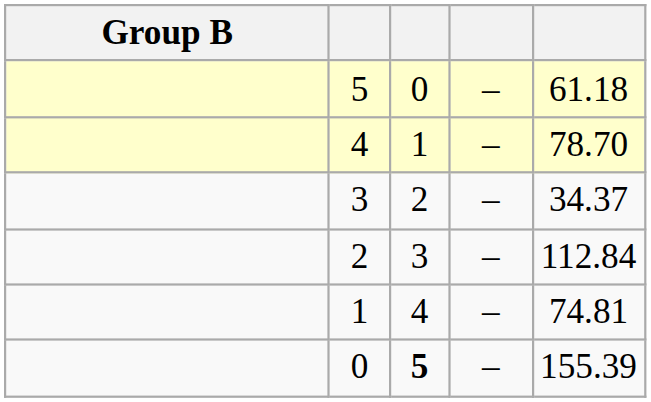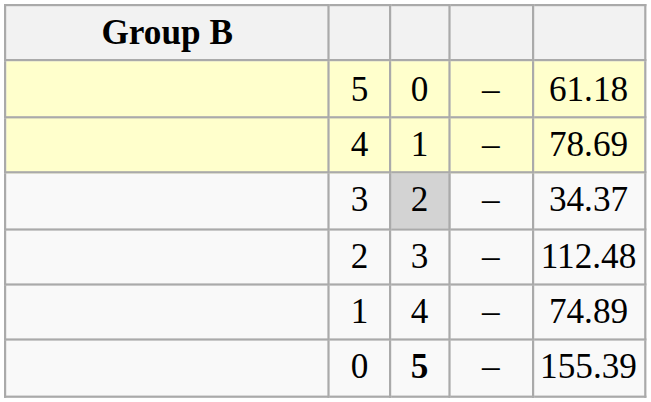 <table class="wikitable" style="text-align: center;">
 <tr>
 <th width=140>Group B</th>
 <th width=20></th>
 <th width=20></th>
 <th width=30></th>
 <th width=20></th>
 </tr>
 <tr bgcolor=#ffffcc>
 <td style="text-align:left;"></td>
 <td>5</td>
 <td>0</td>
 <td>–</td>
 <td>61.18</td>
 </tr>
 <tr bgcolor=#ffffcc>
 <td style="text-align:left;"></td>
 <td>4</td>
 <td>1</td>
 <td>–</td>
-<td>78.70</td>
+<td>78.69</td>
 </tr>
 <tr>
 <td style="text-align:left;"></td>
 <td>3</td>
-<td>2</td>
+<td style="background: lightgrey;">2</td>
 <td>–</td>
 <td>34.37</td>
 </tr>
 <tr>
 <td style="text-align:left;"></td>
 <td>2</td>
 <td>3</td>
 <td>–</td>
-<td>112.84</td>
+<td>112.48</td>
 </tr>
 <tr>
 <td style="text-align:left;"></td>
 <td>1</td>
 <td>4</td>
 <td>–</td>
-<td>74.81</td>
+<td>74.89</td>
 </tr>
 <tr>
 <td style="text-align:left;"></td>
 <td>0</td>
 <td><strong>5</strong></td>
 <td>–</td>
 <td>155.39</td>
 </tr>
 </table>
